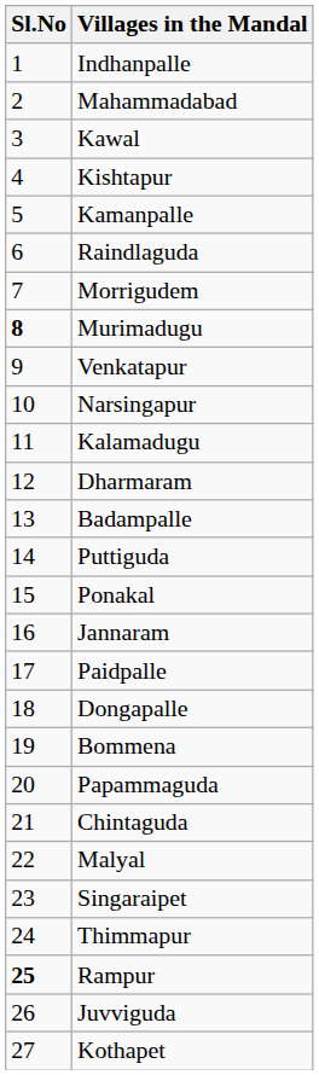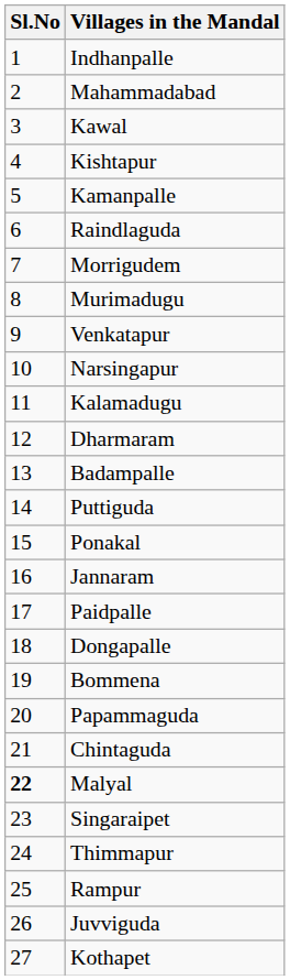 <table class="wikitable">
 <tr>
 <th>Sl.No</th>
 <th>Villages in the Mandal</th>
 </tr>
 <tr>
 <td>1</td>
 <td>Indhanpalle</td>
 </tr>
 <tr>
 <td>2</td>
 <td>Mahammadabad</td>
 </tr>
 <tr>
 <td>3</td>
 <td>Kawal</td>
 </tr>
 <tr>
 <td>4</td>
 <td>Kishtapur</td>
 </tr>
 <tr>
 <td>5</td>
 <td>Kamanpalle</td>
 </tr>
 <tr>
 <td>6</td>
 <td>Raindlaguda</td>
 </tr>
 <tr>
 <td>7</td>
 <td>Morrigudem</td>
 </tr>
 <tr>
-<td><strong>8</strong></td>
+<td>8</td>
 <td>Murimadugu</td>
 </tr>
 <tr>
 <td>9</td>
 <td>Venkatapur</td>
 </tr>
 <tr>
 <td>10</td>
 <td>Narsingapur</td>
 </tr>
 <tr>
 <td>11</td>
 <td>Kalamadugu</td>
 </tr>
 <tr>
 <td>12</td>
 <td>Dharmaram</td>
 </tr>
 <tr>
 <td>13</td>
 <td>Badampalle</td>
 </tr>
 <tr>
 <td>14</td>
 <td>Puttiguda</td>
 </tr>
 <tr>
 <td>15</td>
 <td>Ponakal</td>
 </tr>
 <tr>
 <td>16</td>
 <td>Jannaram</td>
 </tr>
 <tr>
 <td>17</td>
 <td>Paidpalle</td>
 </tr>
 <tr>
 <td>18</td>
 <td>Dongapalle</td>
 </tr>
 <tr>
 <td>19</td>
 <td>Bommena</td>
 </tr>
 <tr>
 <td>20</td>
 <td>Papammaguda</td>
 </tr>
 <tr>
 <td>21</td>
 <td>Chintaguda</td>
 </tr>
 <tr>
-<td>22</td>
+<td><strong>22</strong></td>
 <td>Malyal</td>
 </tr>
 <tr>
 <td>23</td>
 <td>Singaraipet</td>
 </tr>
 <tr>
 <td>24</td>
 <td>Thimmapur</td>
 </tr>
 <tr>
-<td><strong>25</strong></td>
+<td>25</td>
 <td>Rampur</td>
 </tr>
 <tr>
 <td>26</td>
 <td>Juvviguda</td>
 </tr>
 <tr>
 <td>27</td>
 <td>Kothapet</td>
 </tr>
 </table>
